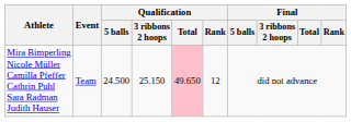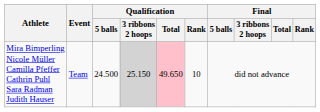 <table class="wikitable" style="font-size:90%">
 <tr>
 <th rowspan="2">Athlete</th>
 <th rowspan="2">Event</th>
 <th colspan="4">Qualification</th>
 <th colspan="4">Final</th>
 </tr>
 <tr style="font-size:95%">
 <th>5 balls</th>
 <th>3 ribbons<br>2 hoops</th>
 <th>Total</th>
 <th>Rank</th>
 <th>5 balls</th>
 <th>3 ribbons<br>2 hoops</th>
 <th>Total</th>
 <th>Rank</th>
 </tr>
 <tr align=center>
 <td align=left><a href='#'>Mira Bimperling</a><br><a href='#'>Nicole Müller</a><br><a href='#'>Camilla Pfeffer</a><br><a href='#'>Cathrin Puhl</a><br><a href='#'>Sara Radman</a><br><a href='#'>Judith Hauser</a></td>
 <td align=left><a href='#'>Team</a></td>
 <td>24.500</td>
-<td>25.150</td>
+<td style="background: lightgrey;">25.150</td>
 <td style="background: pink;">49.650</td>
-<td>12</td>
+<td>10</td>
 <td colspan=4>did not advance</td>
 </tr>
 </table>
